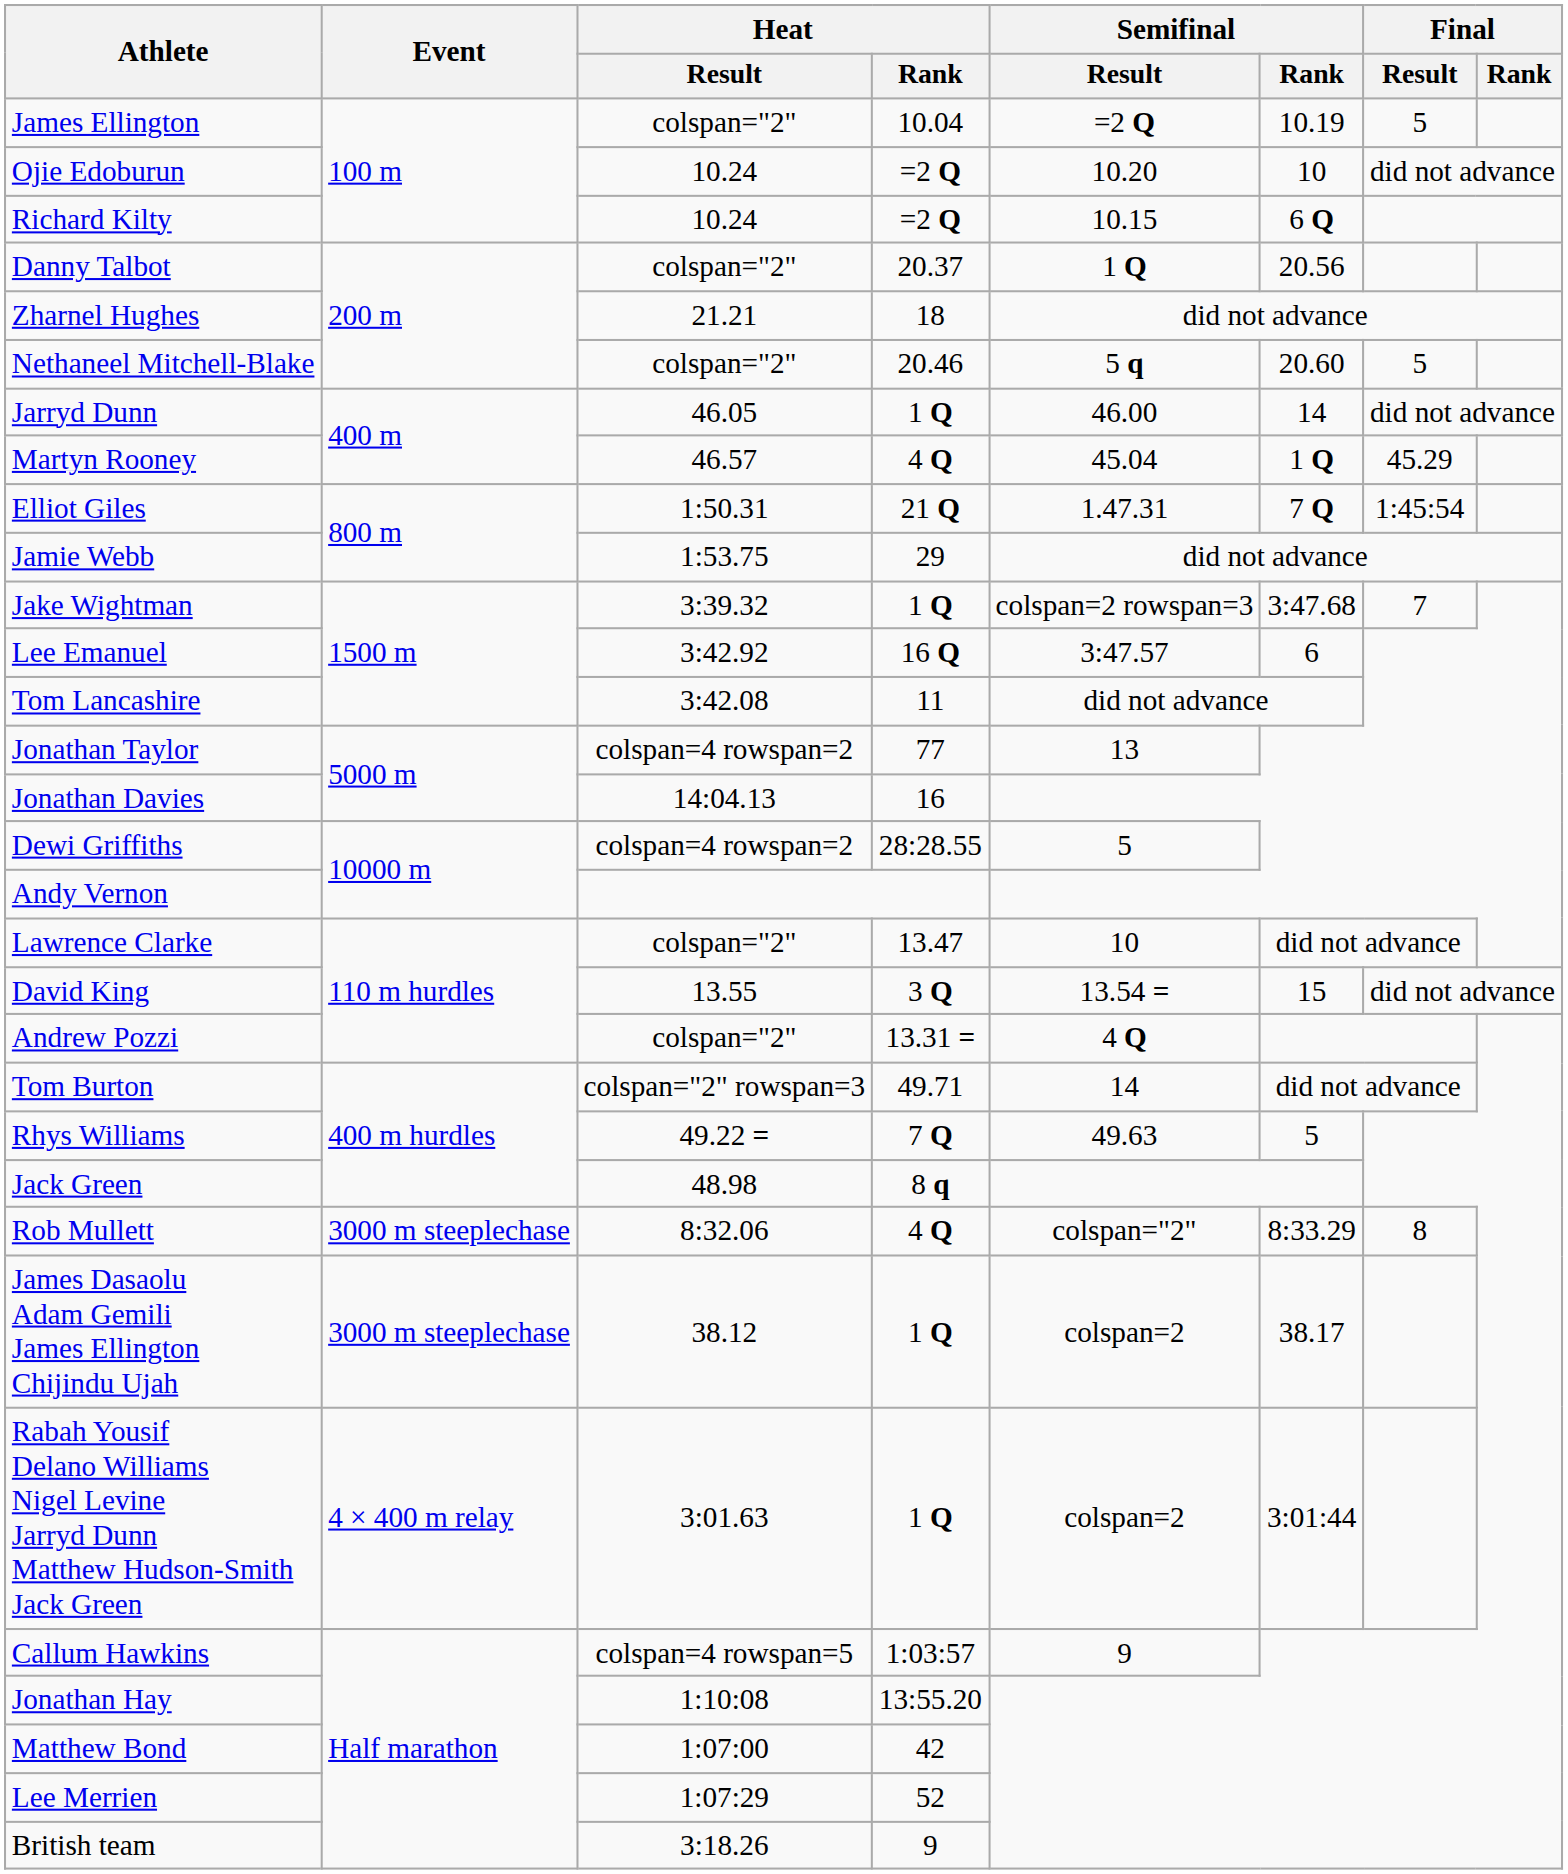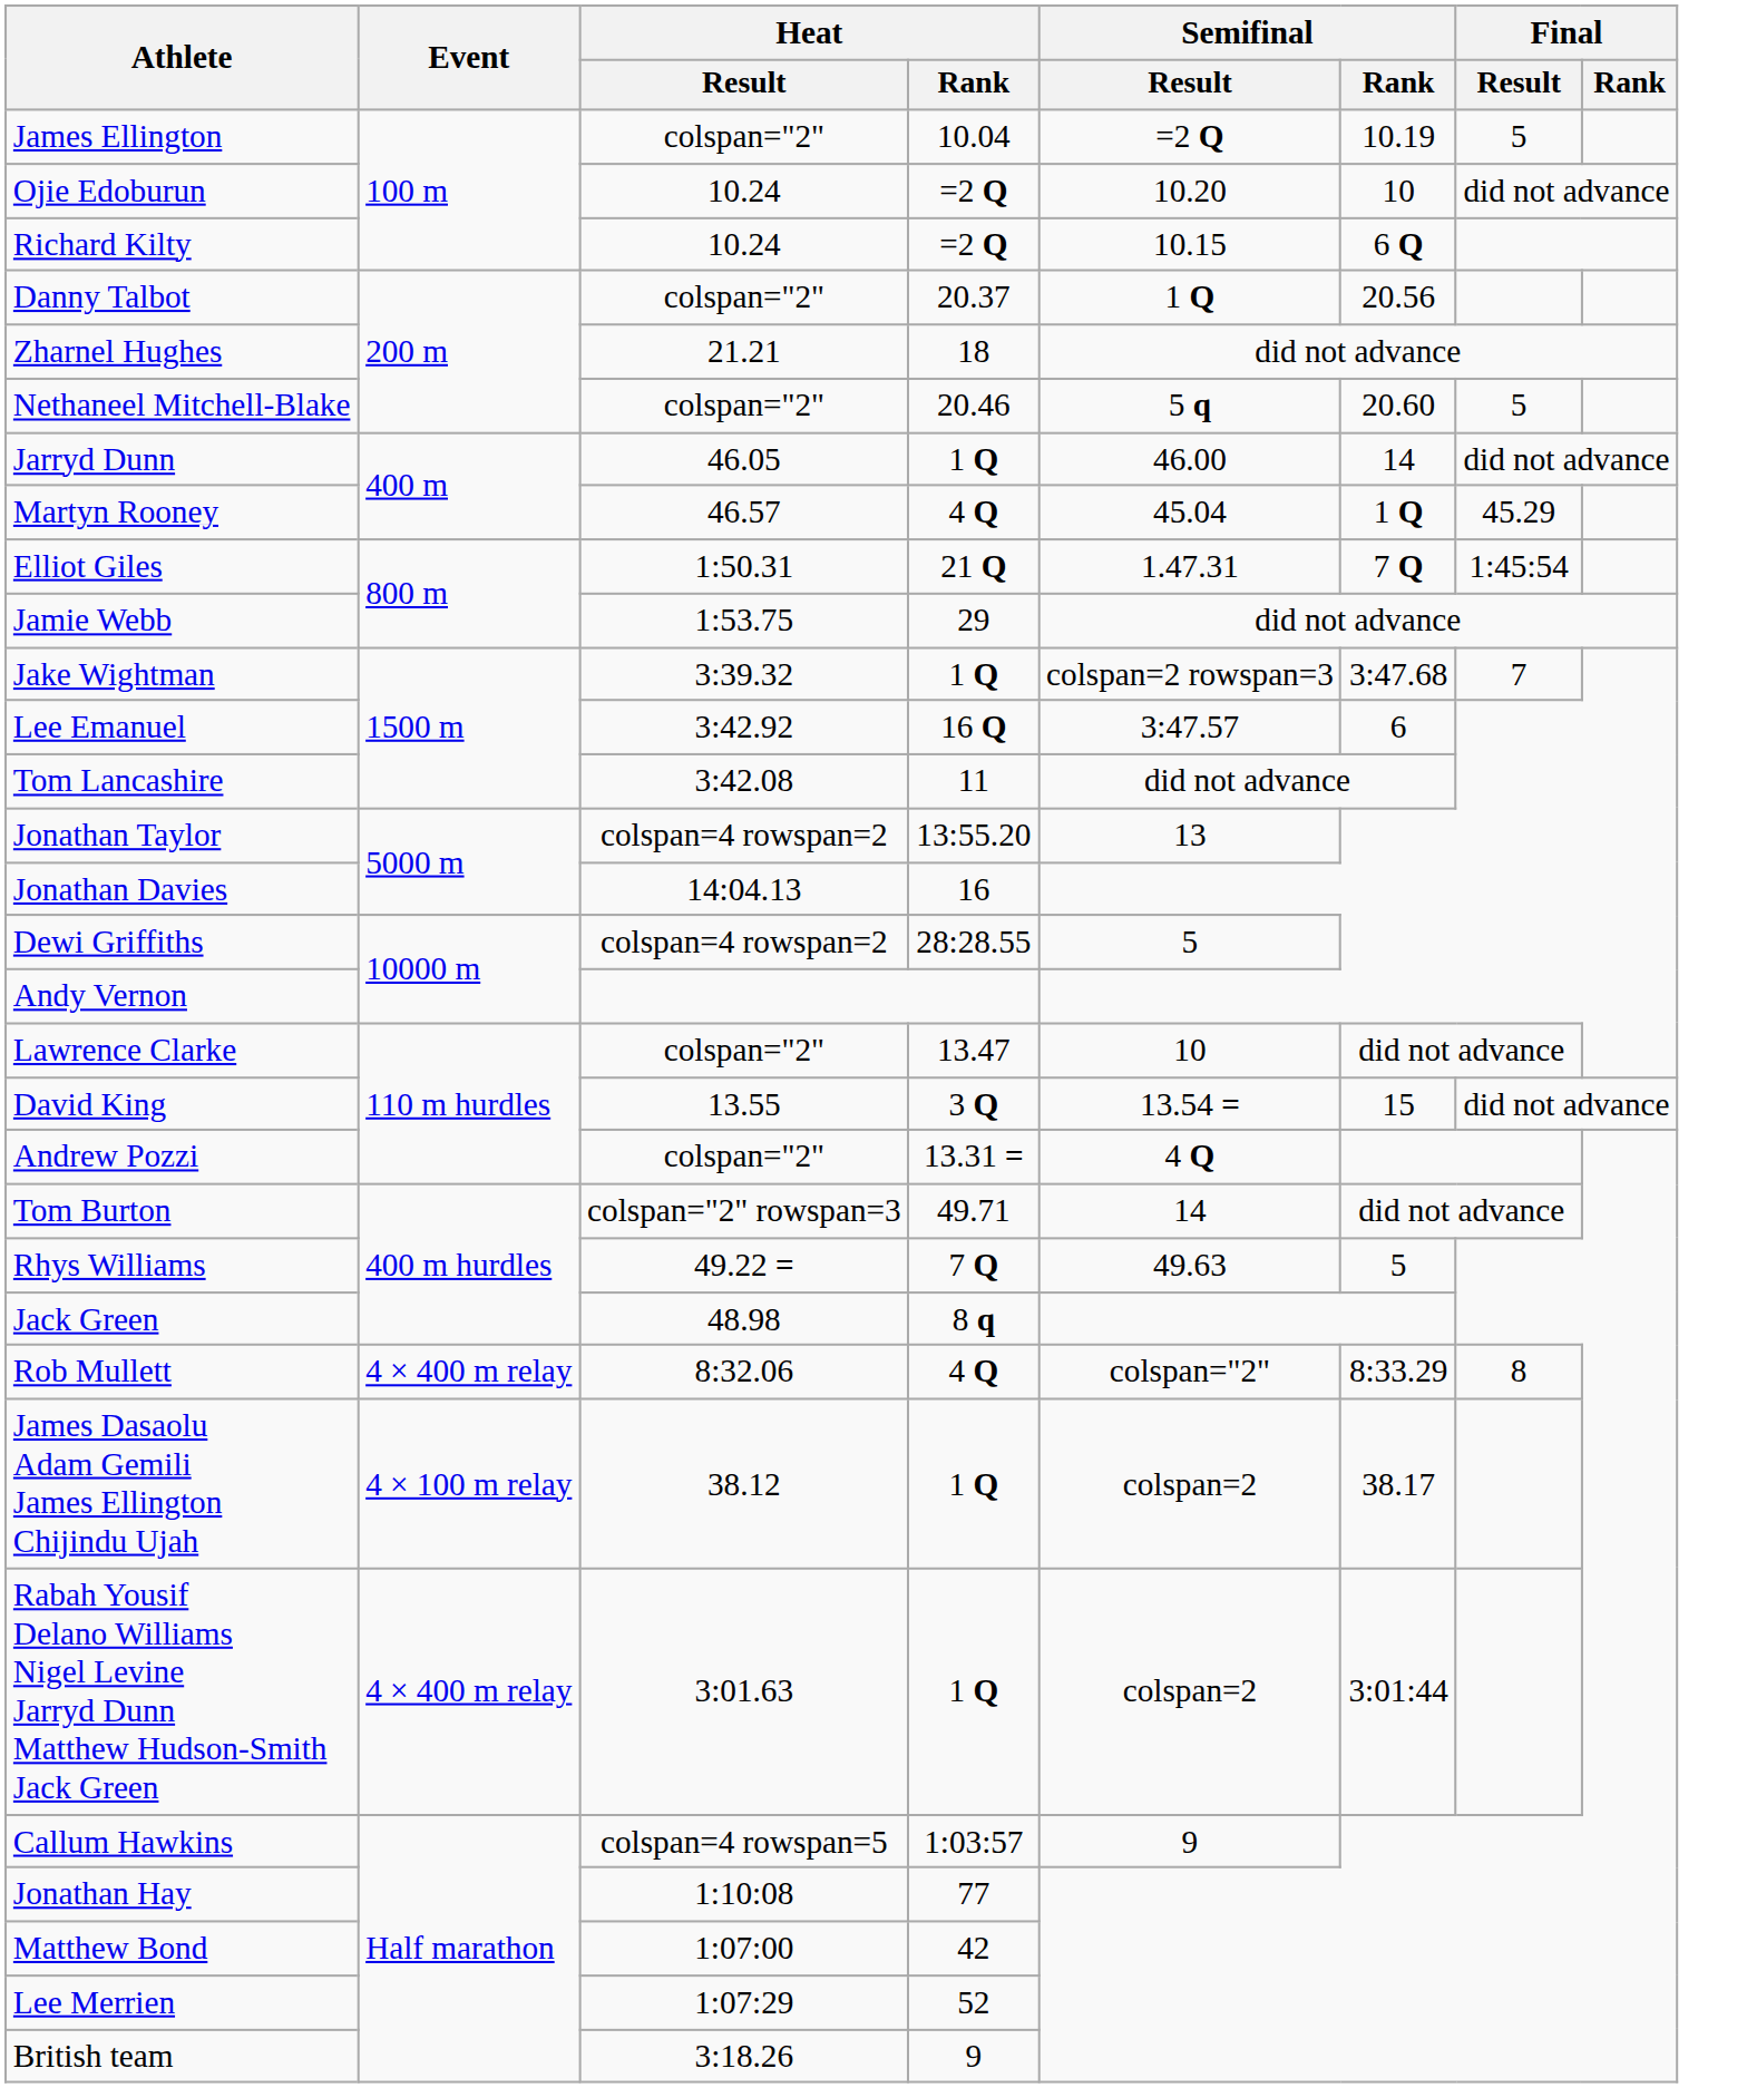 <table class="wikitable" style="font-size:90%">
 <tr>
 <th rowspan=2>Athlete</th>
 <th rowspan=2>Event</th>
 <th colspan=2>Heat</th>
 <th colspan=2>Semifinal</th>
 <th colspan=2>Final</th>
 </tr>
 <tr style="font-size:95%">
 <th>Result</th>
 <th>Rank</th>
 <th>Result</th>
 <th>Rank</th>
 <th>Result</th>
 <th>Rank</th>
 </tr>
 <tr align=center>
 <td align=left><a href='#'>James Ellington</a></td>
 <td style="text-align:left;" rowspan="3"><a href='#'>100 m</a></td>
 <td>colspan="2" </td>
 <td>10.04 <strong></strong></td>
 <td>=2 <strong>Q</strong></td>
 <td>10.19</td>
 <td>5</td>
 </tr>
 <tr align=center>
 <td align=left><a href='#'>Ojie Edoburun</a></td>
 <td>10.24</td>
 <td>=2 <strong>Q</strong></td>
 <td>10.20</td>
 <td>10</td>
 <td colspan=2>did not advance</td>
 </tr>
 <tr align=center>
 <td align=left><a href='#'>Richard Kilty</a></td>
 <td>10.24</td>
 <td>=2 <strong>Q</strong></td>
 <td>10.15</td>
 <td>6 <strong>Q</strong></td>
 <td colspan=2></td>
 </tr>
 <tr align=center>
 <td align=left><a href='#'>Danny Talbot</a></td>
 <td style="text-align:left;" rowspan="3"><a href='#'>200 m</a></td>
 <td>colspan="2" </td>
 <td>20.37 <strong></strong></td>
 <td>1 <strong>Q</strong></td>
 <td>20.56</td>
 <td></td>
 </tr>
 <tr align=center>
 <td align=left><a href='#'>Zharnel Hughes</a></td>
 <td>21.21</td>
 <td>18</td>
 <td colspan=4>did not advance</td>
 </tr>
 <tr align=center>
 <td align=left><a href='#'>Nethaneel Mitchell-Blake</a></td>
 <td>colspan="2" </td>
 <td>20.46</td>
 <td>5 <strong>q</strong></td>
 <td>20.60</td>
 <td>5</td>
 </tr>
 <tr align=center>
 <td align=left><a href='#'>Jarryd Dunn</a></td>
 <td style="text-align:left;" rowspan="2"><a href='#'>400 m</a></td>
 <td>46.05</td>
 <td>1 <strong>Q</strong></td>
 <td>46.00 <strong></strong></td>
 <td>14</td>
 <td colspan=2>did not advance</td>
 </tr>
 <tr align=center>
 <td align=left><a href='#'>Martyn Rooney</a></td>
 <td>46.57</td>
 <td>4 <strong>Q</strong></td>
 <td>45.04 <strong></strong></td>
 <td>1 <strong>Q</strong></td>
 <td>45.29</td>
 <td></td>
 </tr>
 <tr align=center>
 <td align=left><a href='#'>Elliot Giles</a></td>
 <td style="text-align:left;" rowspan="2"><a href='#'>800 m</a></td>
 <td>1:50.31</td>
 <td>21 <strong>Q</strong></td>
 <td>1.47.31</td>
 <td>7 <strong>Q</strong></td>
 <td>1:45:54 <strong></strong></td>
 <td></td>
 </tr>
 <tr align=center>
 <td align=left><a href='#'>Jamie Webb</a></td>
 <td>1:53.75</td>
 <td>29</td>
 <td colspan=4>did not advance</td>
 </tr>
 <tr align=center>
 <td align=left><a href='#'>Jake Wightman</a></td>
 <td style="text-align:left;" rowspan="3"><a href='#'>1500 m</a></td>
 <td>3:39.32</td>
 <td>1 <strong>Q</strong></td>
 <td>colspan=2 rowspan=3 </td>
 <td>3:47.68</td>
 <td>7</td>
 </tr>
 <tr align=center>
 <td align=left><a href='#'>Lee Emanuel</a></td>
 <td>3:42.92</td>
 <td>16 <strong>Q</strong></td>
 <td>3:47.57</td>
 <td>6</td>
 </tr>
 <tr align=center>
 <td align=left><a href='#'>Tom Lancashire</a></td>
 <td>3:42.08</td>
 <td>11</td>
 <td colspan=2>did not advance</td>
 </tr>
 <tr align=center>
 <td align=left><a href='#'>Jonathan Taylor</a></td>
 <td style="text-align:left;" rowspan="2"><a href='#'>5000 m</a></td>
 <td>colspan=4 rowspan=2 </td>
-<td>77</td>
+<td>13:55.20</td>
 <td>13</td>
 </tr>
 <tr align=center>
 <td align=left><a href='#'>Jonathan Davies</a></td>
 <td>14:04.13</td>
 <td>16</td>
 </tr>
 <tr align=center>
 <td align=left><a href='#'>Dewi Griffiths</a></td>
 <td align=left rowspan=2><a href='#'>10000 m</a></td>
 <td>colspan=4 rowspan=2 </td>
 <td>28:28.55</td>
 <td>5</td>
 </tr>
 <tr align=center>
 <td align=left><a href='#'>Andy Vernon</a></td>
 <td colspan=2></td>
 </tr>
 <tr align=center>
 <td align=left><a href='#'>Lawrence Clarke</a></td>
 <td style="text-align:left;" rowspan="3"><a href='#'>110 m hurdles</a></td>
 <td>colspan="2" </td>
 <td>13.47</td>
 <td>10</td>
 <td colspan=2>did not advance</td>
 </tr>
 <tr align=center>
 <td align=left><a href='#'>David King</a></td>
 <td>13.55</td>
 <td>3 <strong>Q</strong></td>
 <td>13.54 <strong>=</strong></td>
 <td>15</td>
 <td colspan=2>did not advance</td>
 </tr>
 <tr align=center>
 <td align=left><a href='#'>Andrew Pozzi</a></td>
 <td>colspan="2" </td>
 <td>13.31 <strong>=</strong></td>
 <td>4 <strong>Q</strong></td>
 <td colspan=2></td>
 </tr>
 <tr align=center>
 <td align=left><a href='#'>Tom Burton</a></td>
 <td style="text-align:left;" rowspan="3"><a href='#'>400 m hurdles</a></td>
 <td>colspan="2" rowspan=3 </td>
 <td>49.71</td>
 <td>14</td>
 <td colspan=2>did not advance</td>
 </tr>
 <tr align=center>
 <td align=left><a href='#'>Rhys Williams</a></td>
 <td>49.22 <strong>=</strong></td>
 <td>7 <strong>Q</strong></td>
 <td>49.63</td>
 <td>5</td>
 </tr>
 <tr align=center>
 <td align=left><a href='#'>Jack Green</a></td>
 <td>48.98 <strong></strong></td>
 <td>8 <strong>q</strong></td>
 <td colspan=2></td>
 </tr>
 <tr align=center>
 <td align=left><a href='#'>Rob Mullett</a></td>
-<td style="text-align:left;"><a href='#'>3000 m steeplechase</a></td>
+<td align=left><a href='#'>4 × 400 m relay</a></td>
 <td>8:32.06</td>
 <td>4 <strong>Q</strong></td>
 <td>colspan="2" </td>
 <td>8:33.29</td>
 <td>8</td>
 </tr>
 <tr align=center>
 <td align=left><a href='#'>James Dasaolu</a><br><a href='#'>Adam Gemili</a><br><a href='#'>James Ellington</a><br><a href='#'>Chijindu Ujah</a></td>
-<td style="text-align:left;"><a href='#'>3000 m steeplechase</a></td>
+<td align=left><a href='#'>4 × 100 m relay</a></td>
 <td>38.12 <strong></strong></td>
 <td>1 <strong>Q</strong></td>
 <td>colspan=2 </td>
 <td>38.17</td>
 <td></td>
 </tr>
 <tr align=center>
 <td align=left><a href='#'>Rabah Yousif</a><br><a href='#'>Delano Williams</a><br><a href='#'>Nigel Levine</a> <br><a href='#'>Jarryd Dunn</a> <br><a href='#'>Matthew Hudson-Smith</a> <br><a href='#'>Jack Green</a> </td>
 <td align=left><a href='#'>4 × 400 m relay</a></td>
 <td>3:01.63 <strong></strong></td>
 <td>1 <strong>Q</strong></td>
 <td>colspan=2 </td>
 <td>3:01:44 <strong></strong></td>
 <td></td>
 </tr>
 <tr align=center>
 <td align=left><a href='#'>Callum Hawkins</a></td>
 <td style="text-align:left;" rowspan="5"><a href='#'>Half marathon</a></td>
 <td>colspan=4 rowspan=5 </td>
 <td>1:03:57</td>
 <td>9</td>
 </tr>
 <tr align=center>
 <td align=left><a href='#'>Jonathan Hay</a></td>
 <td>1:10:08</td>
-<td>13:55.20</td>
+<td>77</td>
 </tr>
 <tr align=center>
 <td align=left><a href='#'>Matthew Bond</a></td>
 <td>1:07:00</td>
 <td>42</td>
 </tr>
 <tr align=center>
 <td align=left><a href='#'>Lee Merrien</a></td>
 <td>1:07:29</td>
 <td>52</td>
 </tr>
 <tr align=center>
 <td align=left>British team</td>
 <td>3:18.26</td>
 <td>9</td>
 </tr>
 </table>
